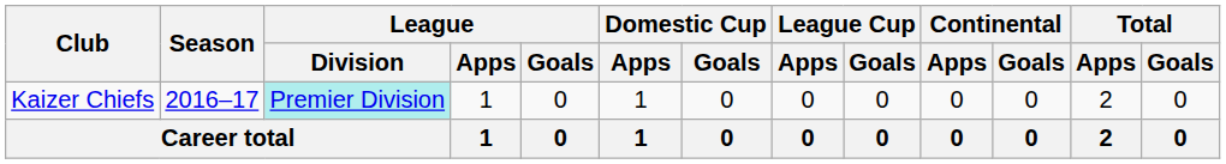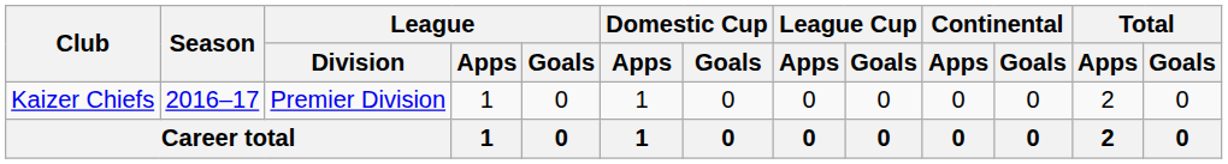 <table class="wikitable" style="text-align: center;">
 <tr>
 <th rowspan="2">Club</th>
 <th rowspan="2">Season</th>
 <th colspan="3">League</th>
 <th colspan="2">Domestic Cup</th>
 <th colspan="2">League Cup</th>
 <th colspan="2">Continental</th>
 <th colspan="2">Total</th>
 </tr>
 <tr>
 <th>Division</th>
 <th>Apps</th>
 <th>Goals</th>
 <th>Apps</th>
 <th>Goals</th>
 <th>Apps</th>
 <th>Goals</th>
 <th>Apps</th>
 <th>Goals</th>
 <th>Apps</th>
 <th>Goals</th>
 </tr>
 <tr>
 <td rowspan="1"><a href='#'>Kaizer Chiefs</a></td>
 <td><a href='#'>2016–17</a></td>
-<td style="background: paleturquoise;"><a href='#'>Premier Division</a></td>
+<td><a href='#'>Premier Division</a></td>
 <td>1</td>
 <td>0</td>
 <td>1</td>
 <td>0</td>
 <td>0</td>
 <td>0</td>
 <td>0</td>
 <td>0</td>
 <td>2</td>
 <td>0</td>
 </tr>
 <tr>
 <th colspan="3">Career total</th>
 <th>1</th>
 <th>0</th>
 <th>1</th>
 <th>0</th>
 <th>0</th>
 <th>0</th>
 <th>0</th>
 <th>0</th>
 <th>2</th>
 <th>0</th>
 </tr>
 </table>
